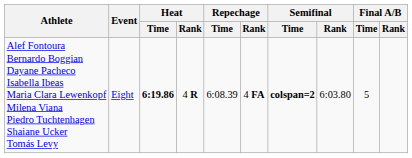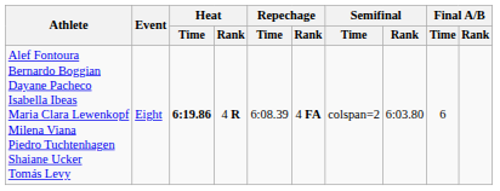 <table class=wikitable style=font-size:90%;text-align:center>
 <tr>
 <th rowspan=2>Athlete</th>
 <th rowspan=2>Event</th>
 <th colspan=2>Heat</th>
 <th colspan=2>Repechage</th>
 <th colspan=2>Semifinal</th>
 <th colspan=2>Final A/B</th>
 </tr>
 <tr style=font-size:95%>
 <th>Time</th>
 <th>Rank</th>
 <th>Time</th>
 <th>Rank</th>
 <th>Time</th>
 <th>Rank</th>
 <th>Time</th>
 <th>Rank</th>
 </tr>
 <tr>
 <td align=left><a href='#'>Alef Fontoura</a><br><a href='#'>Bernardo Boggian</a><br><a href='#'>Dayane Pacheco</a><br><a href='#'>Isabella Ibeas</a><br><a href='#'>Maria Clara Lewenkopf</a><br><a href='#'>Milena Viana</a><br><a href='#'>Piedro Tuchtenhagen</a><br><a href='#'>Shaiane Ucker</a><br><a href='#'>Tomás Levy</a></td>
 <td align=left><a href='#'>Eight</a></td>
 <td><strong>6:19.86</strong></td>
 <td>4 <strong>R</strong></td>
 <td>6:08.39</td>
 <td>4 <strong>FA</strong></td>
-<td><strong>colspan=2 </strong></td>
+<td>colspan=2 </td>
 <td>6:03.80</td>
-<td>5</td>
+<td>6</td>
 </tr>
 </table>
